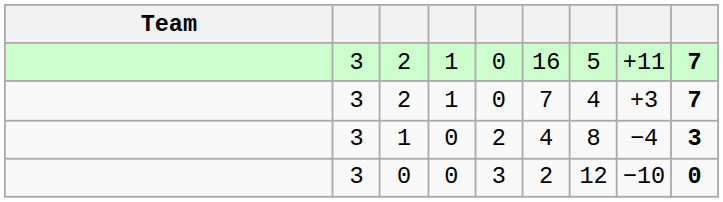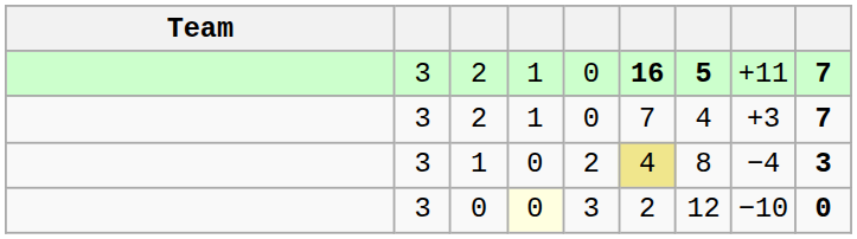 <table class="wikitable" style="text-align:center;">
 <tr>
 <th width=175>Team</th>
 <th width=20></th>
 <th width=20></th>
 <th width=20></th>
 <th width=20></th>
 <th width=20></th>
 <th width=20></th>
 <th width=20></th>
 <th width=20></th>
 </tr>
 <tr bgcolor=ccffcc>
 <td align="left"></td>
 <td>3</td>
 <td>2</td>
 <td>1</td>
 <td>0</td>
-<td>16</td>
-<td>5</td>
+<td><strong>16</strong></td>
+<td><strong>5</strong></td>
 <td>+11</td>
 <td><strong>7</strong></td>
 </tr>
 <tr>
 <td align="left"></td>
 <td>3</td>
 <td>2</td>
 <td>1</td>
 <td>0</td>
 <td>7</td>
 <td>4</td>
 <td>+3</td>
 <td><strong>7</strong></td>
 </tr>
 <tr>
 <td align="left"></td>
 <td>3</td>
 <td>1</td>
 <td>0</td>
 <td>2</td>
-<td>4</td>
+<td style="background: khaki;">4</td>
 <td>8</td>
 <td>−4</td>
 <td><strong>3</strong></td>
 </tr>
 <tr>
 <td align="left"></td>
 <td>3</td>
 <td>0</td>
-<td>0</td>
+<td style="background: lightyellow;">0</td>
 <td>3</td>
 <td>2</td>
 <td>12</td>
 <td>−10</td>
 <td><strong>0</strong></td>
 </tr>
 </table>
